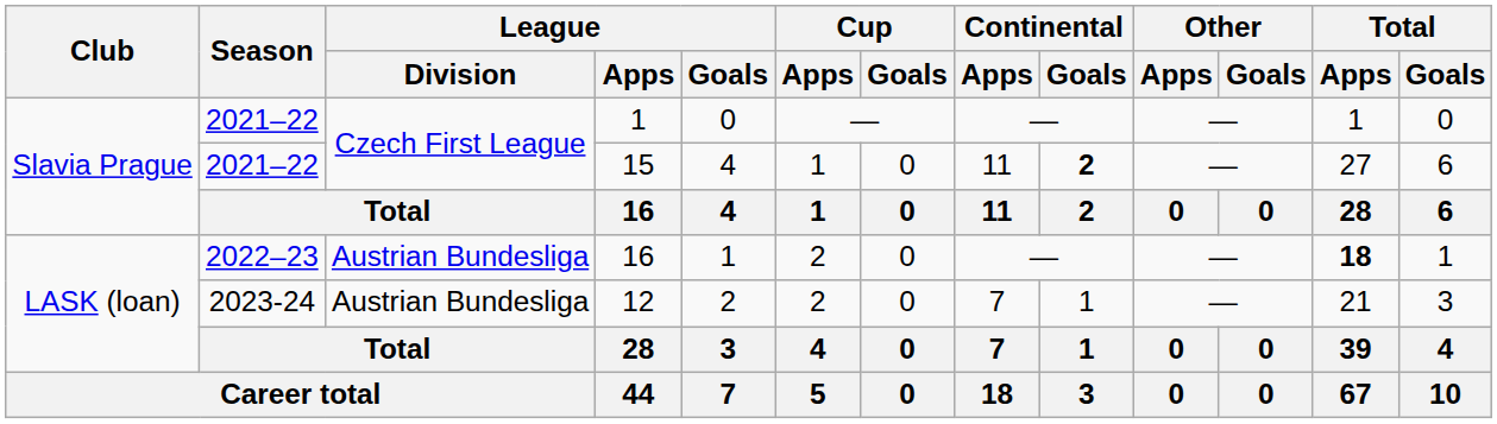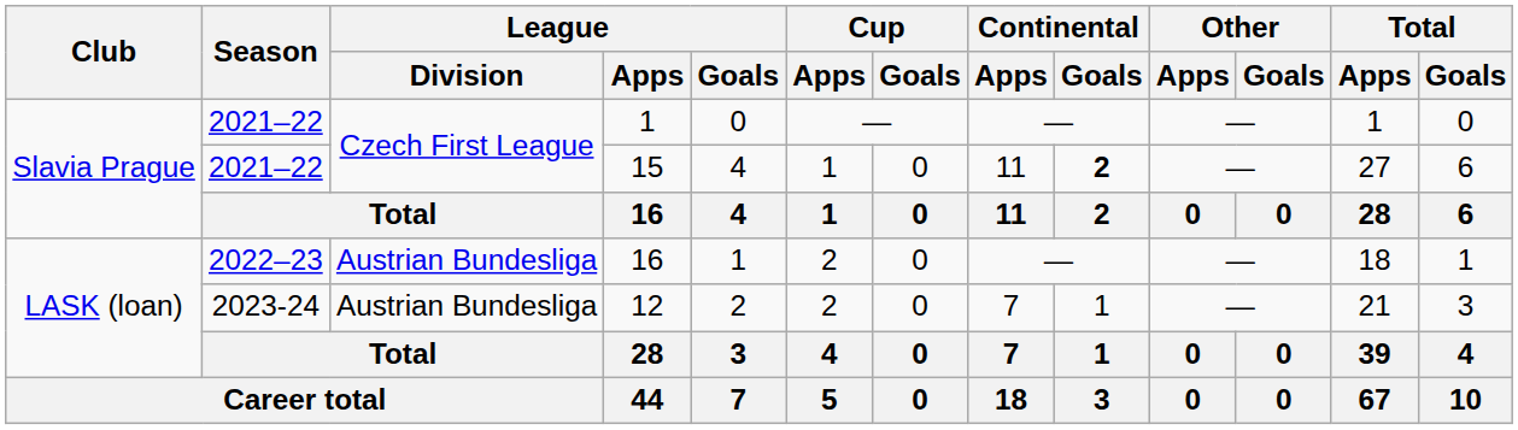 <table class="wikitable" style="text-align:center">
 <tr>
 <th rowspan="2">Club</th>
 <th rowspan="2">Season</th>
 <th colspan="3">League</th>
 <th colspan="2">Cup</th>
 <th colspan="2">Continental</th>
 <th colspan="2">Other</th>
 <th colspan="2">Total</th>
 </tr>
 <tr>
 <th>Division</th>
 <th>Apps</th>
 <th>Goals</th>
 <th>Apps</th>
 <th>Goals</th>
 <th>Apps</th>
 <th>Goals</th>
 <th>Apps</th>
 <th>Goals</th>
 <th>Apps</th>
 <th>Goals</th>
 </tr>
 <tr>
 <td rowspan="3"><a href='#'>Slavia Prague</a></td>
 <td><a href='#'>2021–22</a></td>
 <td rowspan="2"><a href='#'>Czech First League</a></td>
 <td>1</td>
 <td>0</td>
 <td colspan="2">—</td>
 <td colspan="2">—</td>
 <td colspan="2">—</td>
 <td>1</td>
 <td>0</td>
 </tr>
 <tr>
 <td><a href='#'>2021–22</a></td>
 <td>15</td>
 <td>4</td>
 <td>1</td>
 <td>0</td>
 <td>11</td>
 <td><strong>2</strong></td>
 <td colspan="2">—</td>
 <td>27</td>
 <td>6</td>
 </tr>
 <tr>
 <th colspan="2">Total</th>
 <th>16</th>
 <th>4</th>
 <th>1</th>
 <th>0</th>
 <th>11</th>
 <th>2</th>
 <th>0</th>
 <th>0</th>
 <th>28</th>
 <th>6</th>
 </tr>
 <tr>
 <td rowspan="3"><a href='#'>LASK</a> (loan)</td>
 <td><a href='#'>2022–23</a></td>
 <td><a href='#'>Austrian Bundesliga</a></td>
 <td>16</td>
 <td>1</td>
 <td>2</td>
 <td>0</td>
 <td colspan="2">—</td>
 <td colspan="2">—</td>
-<td><strong>18</strong></td>
+<td>18</td>
 <td>1</td>
 </tr>
 <tr>
 <td>2023-24</td>
 <td>Austrian Bundesliga</td>
 <td>12</td>
 <td>2</td>
 <td>2</td>
 <td>0</td>
 <td>7</td>
 <td>1</td>
 <td colspan="2">—</td>
 <td>21</td>
 <td>3</td>
 </tr>
 <tr>
 <th colspan="2">Total</th>
 <th>28</th>
 <th>3</th>
 <th>4</th>
 <th>0</th>
 <th>7</th>
 <th>1</th>
 <th>0</th>
 <th>0</th>
 <th>39</th>
 <th>4</th>
 </tr>
 <tr>
 <th colspan="3">Career total</th>
 <th>44</th>
 <th>7</th>
 <th>5</th>
 <th>0</th>
 <th>18</th>
 <th>3</th>
 <th>0</th>
 <th>0</th>
 <th>67</th>
 <th>10</th>
 </tr>
 </table>
